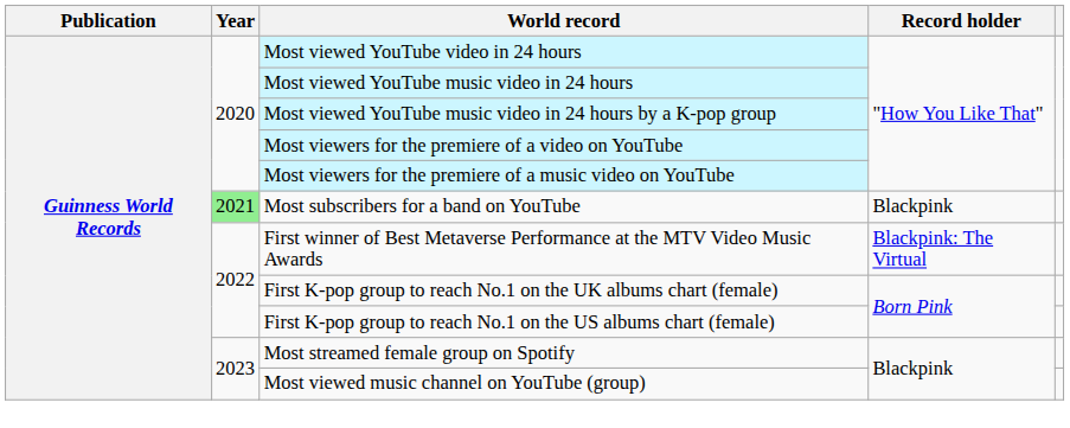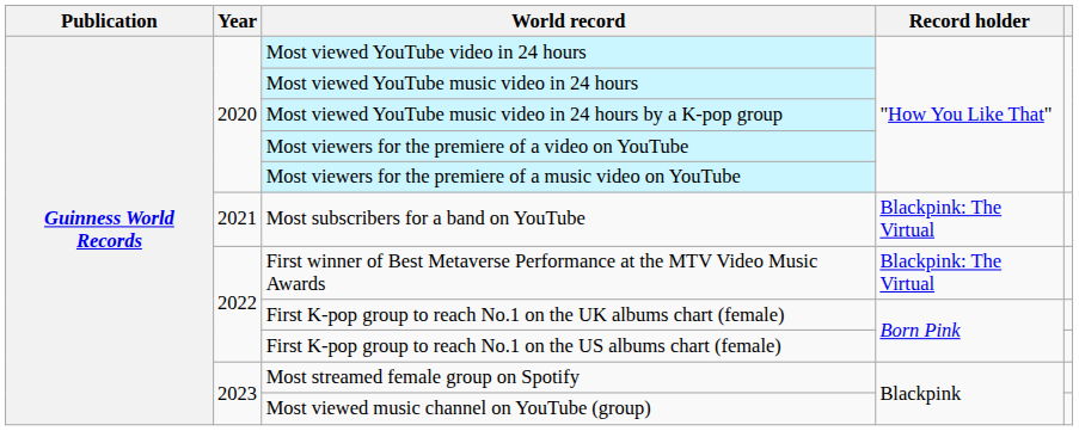 <table class="wikitable sortable plainrowheaders">
 <tr>
 <th scope="col">Publication</th>
 <th scope="col">Year</th>
 <th scope="col">World record</th>
 <th scope="col">Record holder</th>
 <th scope="col" class="unsortable"></th>
 </tr>
 <tr>
 <th scope="row" rowspan="13"><em><a href='#'>Guinness World Records</a></em></th>
 <td rowspan="5" style="text-align:center">2020</td>
 <td style="background-color:#CCF6FF"> Most viewed YouTube video in 24 hours</td>
 <td rowspan="5">"<a href='#'>How You Like That</a>"</td>
 <td rowspan="5" style="text-align:center"></td>
 </tr>
 <tr>
 <td style="background-color:#CCF6FF"> Most viewed YouTube music video in 24 hours</td>
 </tr>
 <tr>
 <td style="background-color:#CCF6FF"> Most viewed YouTube music video in 24 hours by a K-pop group</td>
 </tr>
 <tr>
 <td style="background-color:#CCF6FF"> Most viewers for the premiere of a video on YouTube</td>
 </tr>
 <tr>
 <td style="background-color:#CCF6FF"> Most viewers for the premiere of a music video on YouTube</td>
 </tr>
 <tr>
-<td style="background: lightgreen; text-align:center">2021</td>
+<td style="text-align:center">2021</td>
 <td>Most subscribers for a band on YouTube</td>
-<td>Blackpink</td>
+<td><a href='#'>Blackpink: The Virtual</a></td>
 <td style="text-align:center"></td>
 </tr>
 <tr>
 <td rowspan="3" style="text-align:center">2022</td>
 <td>First winner of Best Metaverse Performance at the MTV Video Music Awards</td>
 <td><a href='#'>Blackpink: The Virtual</a></td>
 <td style="text-align:center"></td>
 </tr>
 <tr>
 <td>First K-pop group to reach No.1 on the UK albums chart (female)</td>
 <td rowspan="2"><em><a href='#'>Born Pink</a></em></td>
 <td style="text-align:center"></td>
 </tr>
 <tr>
 <td>First K-pop group to reach No.1 on the US albums chart (female)</td>
 <td style="text-align:center"></td>
 </tr>
 <tr>
 <td rowspan="2" style="text-align:center">2023</td>
 <td>Most streamed female group on Spotify</td>
 <td rowspan="2">Blackpink</td>
 <td style="text-align:center"></td>
 </tr>
 <tr>
 <td>Most viewed music channel on YouTube (group)</td>
 <td style="text-align:center"></td>
 </tr>
 </table>
